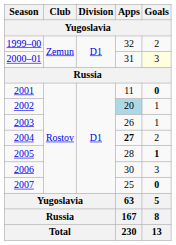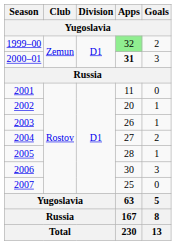 <table class="wikitable" style="text-align:center">
 <tr>
 <th>Season</th>
 <th>Club</th>
 <th>Division</th>
 <th>Apps</th>
 <th>Goals</th>
 </tr>
 <tr>
 <th colspan=5>Yugoslavia</th>
 </tr>
 <tr>
 <td><a href='#'>1999–00</a></td>
 <td rowspan="2"><a href='#'>Zemun</a></td>
 <td rowspan="2"><a href='#'>D1</a></td>
-<td>32</td>
+<td style="background: lightgreen;">32</td>
 <td>2</td>
 </tr>
 <tr>
 <td><a href='#'>2000–01</a></td>
-<td>31</td>
-<td style="background: lightyellow;">3</td>
+<td><strong>31</strong></td>
+<td>3</td>
 </tr>
 <tr>
 <th colspan=5>Russia</th>
 </tr>
 <tr>
 <td><a href='#'>2001</a></td>
 <td rowspan="7"><a href='#'>Rostov</a></td>
 <td rowspan="7"><a href='#'>D1</a></td>
 <td>11</td>
-<td><strong>0</strong></td>
+<td>0</td>
 </tr>
 <tr>
 <td><a href='#'>2002</a></td>
-<td style="background: lightblue;">20</td>
+<td>20</td>
 <td>1</td>
 </tr>
 <tr>
 <td><a href='#'>2003</a></td>
 <td>26</td>
 <td>1</td>
 </tr>
 <tr>
 <td><a href='#'>2004</a></td>
-<td><strong>27</strong></td>
+<td>27</td>
 <td>2</td>
 </tr>
 <tr>
 <td><a href='#'>2005</a></td>
 <td>28</td>
-<td><strong>1</strong></td>
+<td>1</td>
 </tr>
 <tr>
 <td><a href='#'>2006</a></td>
 <td>30</td>
 <td>3</td>
 </tr>
 <tr>
 <td><a href='#'>2007</a></td>
 <td>25</td>
-<td><strong>0</strong></td>
+<td>0</td>
 </tr>
 <tr>
 <th colspan=3>Yugoslavia</th>
 <th>63</th>
 <th>5</th>
 </tr>
 <tr>
 <th colspan=3>Russia</th>
 <th>167</th>
 <th>8</th>
 </tr>
 <tr>
 <th colspan=3>Total</th>
 <th>230</th>
 <th>13</th>
 </tr>
 </table>
